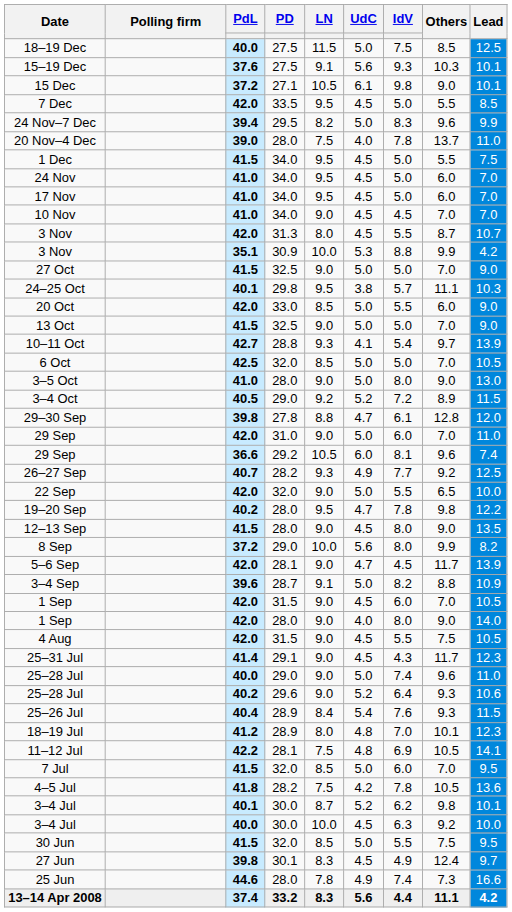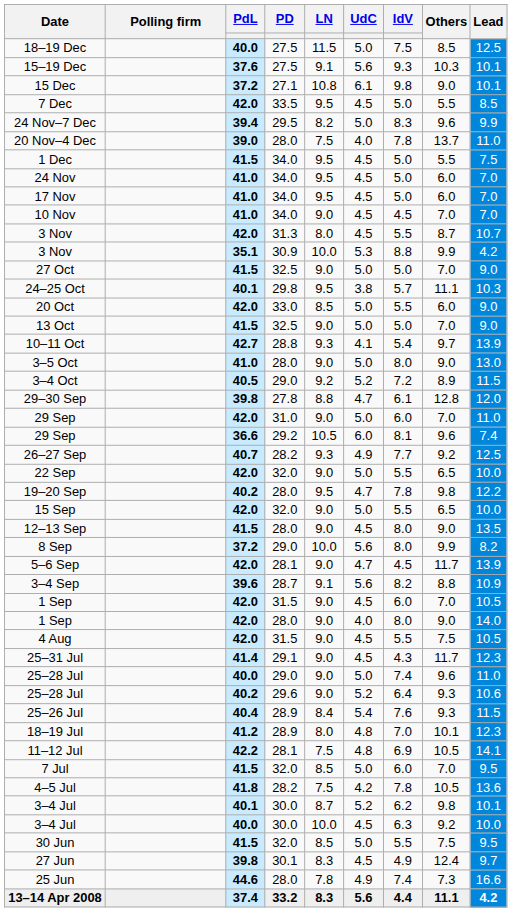 <table class="wikitable collapsible" style="text-align:center;font-size:85%;line-height:13px">
 <tr style="height:30px; background-color:#E9E9E9">
 <th rowspan="2" style="width:100px;">Date</th>
 <th rowspan="2" style="width:120px;">Polling firm</th>
 <th style="width:35px;"><a href='#'>PdL</a></th>
 <th style="width:35px;"><a href='#'>PD</a></th>
 <th style="width:35px;"><a href='#'>LN</a></th>
 <th style="width:35px;"><a href='#'>UdC</a></th>
 <th style="width:35px;"><a href='#'>IdV</a></th>
 <th rowspan="2" style="width:20px;">Others</th>
 <th rowspan="2" style="width:20px;">Lead</th>
 </tr>
 <tr>
 <th style="background:"></th>
 <th style="background:"></th>
 <th style="background:"></th>
 <th style="background:"></th>
 <th style="background:"></th>
 </tr>
 <tr>
 <td>18–19 Dec</td>
 <td></td>
 <td style="background:#C8EBFF"><strong>40.0</strong></td>
 <td>27.5</td>
 <td>11.5</td>
 <td>5.0</td>
 <td>7.5</td>
 <td>8.5</td>
 <td style="background:#0087DC; color:white;">12.5</td>
 </tr>
 <tr>
 <td>15–19 Dec</td>
 <td></td>
 <td style="background:#C8EBFF"><strong>37.6</strong></td>
 <td>27.5</td>
 <td>9.1</td>
 <td>5.6</td>
 <td>9.3</td>
 <td>10.3</td>
 <td style="background:#0087DC; color:white;">10.1</td>
 </tr>
 <tr>
 <td>15 Dec</td>
 <td></td>
 <td style="background:#C8EBFF"><strong>37.2</strong></td>
 <td>27.1</td>
-<td>10.5</td>
+<td>10.8</td>
 <td>6.1</td>
 <td>9.8</td>
 <td>9.0</td>
 <td style="background:#0087DC; color:white;">10.1</td>
 </tr>
 <tr>
 <td>7 Dec</td>
 <td></td>
 <td style="background:#C8EBFF"><strong>42.0</strong></td>
 <td>33.5</td>
 <td>9.5</td>
 <td>4.5</td>
 <td>5.0</td>
 <td>5.5</td>
 <td style="background:#0087DC; color:white;">8.5</td>
 </tr>
 <tr>
 <td>24 Nov–7 Dec</td>
 <td></td>
 <td style="background:#C8EBFF"><strong>39.4</strong></td>
 <td>29.5</td>
 <td>8.2</td>
 <td>5.0</td>
 <td>8.3</td>
 <td>9.6</td>
 <td style="background:#0087DC; color:white;">9.9</td>
 </tr>
 <tr>
 <td>20 Nov–4 Dec</td>
 <td></td>
 <td style="background:#C8EBFF"><strong>39.0</strong></td>
 <td>28.0</td>
 <td>7.5</td>
 <td>4.0</td>
 <td>7.8</td>
 <td>13.7</td>
 <td style="background:#0087DC; color:white;">11.0</td>
 </tr>
 <tr>
 <td>1 Dec</td>
 <td></td>
 <td style="background:#C8EBFF"><strong>41.5</strong></td>
 <td>34.0</td>
 <td>9.5</td>
 <td>4.5</td>
 <td>5.0</td>
 <td>5.5</td>
 <td style="background:#0087DC; color:white;">7.5</td>
 </tr>
 <tr>
 <td>24 Nov</td>
 <td></td>
 <td style="background:#C8EBFF"><strong>41.0</strong></td>
 <td>34.0</td>
 <td>9.5</td>
 <td>4.5</td>
 <td>5.0</td>
 <td>6.0</td>
 <td style="background:#0087DC; color:white;">7.0</td>
 </tr>
 <tr>
 <td>17 Nov</td>
 <td></td>
 <td style="background:#C8EBFF"><strong>41.0</strong></td>
 <td>34.0</td>
 <td>9.5</td>
 <td>4.5</td>
 <td>5.0</td>
 <td>6.0</td>
 <td style="background:#0087DC; color:white;">7.0</td>
 </tr>
 <tr>
 <td>10 Nov</td>
 <td></td>
 <td style="background:#C8EBFF"><strong>41.0</strong></td>
 <td>34.0</td>
 <td>9.0</td>
 <td>4.5</td>
 <td>4.5</td>
 <td>7.0</td>
 <td style="background:#0087DC; color:white;">7.0</td>
 </tr>
 <tr>
 <td>3 Nov</td>
 <td></td>
 <td style="background:#C8EBFF"><strong>42.0</strong></td>
 <td>31.3</td>
 <td>8.0</td>
 <td>4.5</td>
 <td>5.5</td>
 <td>8.7</td>
 <td style="background:#0087DC; color:white;">10.7</td>
 </tr>
 <tr>
 <td>3 Nov</td>
 <td></td>
 <td style="background:#C8EBFF"><strong>35.1</strong></td>
 <td>30.9</td>
 <td>10.0</td>
 <td>5.3</td>
 <td>8.8</td>
 <td>9.9</td>
 <td style="background:#0087DC; color:white;">4.2</td>
 </tr>
 <tr>
 <td>27 Oct</td>
 <td></td>
 <td style="background:#C8EBFF"><strong>41.5</strong></td>
 <td>32.5</td>
 <td>9.0</td>
 <td>5.0</td>
 <td>5.0</td>
 <td>7.0</td>
 <td style="background:#0087DC; color:white;">9.0</td>
 </tr>
 <tr>
 <td>24–25 Oct</td>
 <td></td>
 <td style="background:#C8EBFF"><strong>40.1</strong></td>
 <td>29.8</td>
 <td>9.5</td>
 <td>3.8</td>
 <td>5.7</td>
 <td>11.1</td>
 <td style="background:#0087DC; color:white;">10.3</td>
 </tr>
 <tr>
 <td>20 Oct</td>
 <td></td>
 <td style="background:#C8EBFF"><strong>42.0</strong></td>
 <td>33.0</td>
 <td>8.5</td>
 <td>5.0</td>
 <td>5.5</td>
 <td>6.0</td>
 <td style="background:#0087DC; color:white;">9.0</td>
 </tr>
 <tr>
 <td>13 Oct</td>
 <td></td>
 <td style="background:#C8EBFF"><strong>41.5</strong></td>
 <td>32.5</td>
 <td>9.0</td>
 <td>5.0</td>
 <td>5.0</td>
 <td>7.0</td>
 <td style="background:#0087DC; color:white;">9.0</td>
 </tr>
 <tr>
 <td>10–11 Oct</td>
 <td></td>
 <td style="background:#C8EBFF"><strong>42.7</strong></td>
 <td>28.8</td>
 <td>9.3</td>
 <td>4.1</td>
 <td>5.4</td>
 <td>9.7</td>
 <td style="background:#0087DC; color:white;">13.9</td>
 </tr>
 <tr>
-<td>6 Oct</td>
-<td></td>
-<td style="background:#C8EBFF"><strong>42.5</strong></td>
-<td>32.0</td>
-<td>8.5</td>
-<td>5.0</td>
-<td>5.0</td>
-<td>7.0</td>
-<td style="background:#0087DC; color:white;">10.5</td>
-</tr>
-<tr>
 <td>3–5 Oct</td>
 <td></td>
 <td style="background:#C8EBFF"><strong>41.0</strong></td>
 <td>28.0</td>
 <td>9.0</td>
 <td>5.0</td>
 <td>8.0</td>
 <td>9.0</td>
 <td style="background:#0087DC; color:white;">13.0</td>
 </tr>
 <tr>
 <td>3–4 Oct</td>
 <td></td>
 <td style="background:#C8EBFF"><strong>40.5</strong></td>
 <td>29.0</td>
 <td>9.2</td>
 <td>5.2</td>
 <td>7.2</td>
 <td>8.9</td>
 <td style="background:#0087DC; color:white;">11.5</td>
 </tr>
 <tr>
 <td>29–30 Sep</td>
 <td></td>
 <td style="background:#C8EBFF"><strong>39.8</strong></td>
 <td>27.8</td>
 <td>8.8</td>
 <td>4.7</td>
 <td>6.1</td>
 <td>12.8</td>
 <td style="background:#0087DC; color:white;">12.0</td>
 </tr>
 <tr>
 <td>29 Sep</td>
 <td></td>
 <td style="background:#C8EBFF"><strong>42.0</strong></td>
 <td>31.0</td>
 <td>9.0</td>
 <td>5.0</td>
 <td>6.0</td>
 <td>7.0</td>
 <td style="background:#0087DC; color:white;">11.0</td>
 </tr>
 <tr>
 <td>29 Sep</td>
 <td></td>
 <td style="background:#C8EBFF"><strong>36.6</strong></td>
 <td>29.2</td>
 <td>10.5</td>
 <td>6.0</td>
 <td>8.1</td>
 <td>9.6</td>
 <td style="background:#0087DC; color:white;">7.4</td>
 </tr>
 <tr>
 <td>26–27 Sep</td>
 <td></td>
 <td style="background:#C8EBFF"><strong>40.7</strong></td>
 <td>28.2</td>
 <td>9.3</td>
 <td>4.9</td>
 <td>7.7</td>
 <td>9.2</td>
 <td style="background:#0087DC; color:white;">12.5</td>
 </tr>
 <tr>
 <td>22 Sep</td>
 <td></td>
 <td style="background:#C8EBFF"><strong>42.0</strong></td>
 <td>32.0</td>
 <td>9.0</td>
 <td>5.0</td>
 <td>5.5</td>
 <td>6.5</td>
 <td style="background:#0087DC; color:white;">10.0</td>
 </tr>
 <tr>
 <td>19–20 Sep</td>
 <td></td>
 <td style="background:#C8EBFF"><strong>40.2</strong></td>
 <td>28.0</td>
 <td>9.5</td>
 <td>4.7</td>
 <td>7.8</td>
 <td>9.8</td>
 <td style="background:#0087DC; color:white;">12.2</td>
 </tr>
 <tr>
+<td>15 Sep</td>
+<td></td>
+<td style="background:#C8EBFF"><strong>42.0</strong></td>
+<td>32.0</td>
+<td>9.0</td>
+<td>5.0</td>
+<td>5.5</td>
+<td>6.5</td>
+<td style="background:#0087DC; color:white;">10.0</td>
+</tr>
+<tr>
 <td>12–13 Sep</td>
 <td></td>
 <td style="background:#C8EBFF"><strong>41.5</strong></td>
 <td>28.0</td>
 <td>9.0</td>
 <td>4.5</td>
 <td>8.0</td>
 <td>9.0</td>
 <td style="background:#0087DC; color:white;">13.5</td>
 </tr>
 <tr>
 <td>8 Sep</td>
 <td></td>
 <td style="background:#C8EBFF"><strong>37.2</strong></td>
 <td>29.0</td>
 <td>10.0</td>
 <td>5.6</td>
 <td>8.0</td>
 <td>9.9</td>
 <td style="background:#0087DC; color:white;">8.2</td>
 </tr>
 <tr>
 <td>5–6 Sep</td>
 <td></td>
 <td style="background:#C8EBFF"><strong>42.0</strong></td>
 <td>28.1</td>
 <td>9.0</td>
 <td>4.7</td>
 <td>4.5</td>
 <td>11.7</td>
 <td style="background:#0087DC; color:white;">13.9</td>
 </tr>
 <tr>
 <td>3–4 Sep</td>
 <td></td>
 <td style="background:#C8EBFF"><strong>39.6</strong></td>
 <td>28.7</td>
 <td>9.1</td>
-<td>5.0</td>
+<td>5.6</td>
 <td>8.2</td>
 <td>8.8</td>
 <td style="background:#0087DC; color:white;">10.9</td>
 </tr>
 <tr>
 <td>1 Sep</td>
 <td></td>
 <td style="background:#C8EBFF"><strong>42.0</strong></td>
 <td>31.5</td>
 <td>9.0</td>
 <td>4.5</td>
 <td>6.0</td>
 <td>7.0</td>
 <td style="background:#0087DC; color:white;">10.5</td>
 </tr>
 <tr>
 <td>1 Sep</td>
 <td></td>
 <td style="background:#C8EBFF"><strong>42.0</strong></td>
 <td>28.0</td>
 <td>9.0</td>
 <td>4.0</td>
 <td>8.0</td>
 <td>9.0</td>
 <td style="background:#0087DC; color:white;">14.0</td>
 </tr>
 <tr>
 <td>4 Aug</td>
 <td></td>
 <td style="background:#C8EBFF"><strong>42.0</strong></td>
 <td>31.5</td>
 <td>9.0</td>
 <td>4.5</td>
 <td>5.5</td>
 <td>7.5</td>
 <td style="background:#0087DC; color:white;">10.5</td>
 </tr>
 <tr>
 <td>25–31 Jul</td>
 <td></td>
 <td style="background:#C8EBFF"><strong>41.4</strong></td>
 <td>29.1</td>
 <td>9.0</td>
 <td>4.5</td>
 <td>4.3</td>
 <td>11.7</td>
 <td style="background:#0087DC; color:white;">12.3</td>
 </tr>
 <tr>
 <td>25–28 Jul</td>
 <td></td>
 <td style="background:#C8EBFF"><strong>40.0</strong></td>
 <td>29.0</td>
 <td>9.0</td>
 <td>5.0</td>
 <td>7.4</td>
 <td>9.6</td>
 <td style="background:#0087DC; color:white;">11.0</td>
 </tr>
 <tr>
 <td>25–28 Jul</td>
 <td></td>
 <td style="background:#C8EBFF"><strong>40.2</strong></td>
 <td>29.6</td>
 <td>9.0</td>
 <td>5.2</td>
 <td>6.4</td>
 <td>9.3</td>
 <td style="background:#0087DC; color:white;">10.6</td>
 </tr>
 <tr>
 <td>25–26 Jul</td>
 <td></td>
 <td style="background:#C8EBFF"><strong>40.4</strong></td>
 <td>28.9</td>
 <td>8.4</td>
 <td>5.4</td>
 <td>7.6</td>
 <td>9.3</td>
 <td style="background:#0087DC; color:white;">11.5</td>
 </tr>
 <tr>
 <td>18–19 Jul</td>
 <td></td>
 <td style="background:#C8EBFF"><strong>41.2</strong></td>
 <td>28.9</td>
 <td>8.0</td>
 <td>4.8</td>
 <td>7.0</td>
 <td>10.1</td>
 <td style="background:#0087DC; color:white;">12.3</td>
 </tr>
 <tr>
 <td>11–12 Jul</td>
 <td></td>
 <td style="background:#C8EBFF"><strong>42.2</strong></td>
 <td>28.1</td>
 <td>7.5</td>
 <td>4.8</td>
 <td>6.9</td>
 <td>10.5</td>
 <td style="background:#0087DC; color:white;">14.1</td>
 </tr>
 <tr>
 <td>7 Jul</td>
 <td></td>
 <td style="background:#C8EBFF"><strong>41.5</strong></td>
 <td>32.0</td>
 <td>8.5</td>
 <td>5.0</td>
 <td>6.0</td>
 <td>7.0</td>
 <td style="background:#0087DC; color:white;">9.5</td>
 </tr>
 <tr>
 <td>4–5 Jul</td>
 <td></td>
 <td style="background:#C8EBFF"><strong>41.8</strong></td>
 <td>28.2</td>
 <td>7.5</td>
 <td>4.2</td>
 <td>7.8</td>
 <td>10.5</td>
 <td style="background:#0087DC; color:white;">13.6</td>
 </tr>
 <tr>
 <td>3–4 Jul</td>
 <td></td>
 <td style="background:#C8EBFF"><strong>40.1</strong></td>
 <td>30.0</td>
 <td>8.7</td>
 <td>5.2</td>
 <td>6.2</td>
 <td>9.8</td>
 <td style="background:#0087DC; color:white;">10.1</td>
 </tr>
 <tr>
 <td>3–4 Jul</td>
 <td></td>
 <td style="background:#C8EBFF"><strong>40.0</strong></td>
 <td>30.0</td>
 <td>10.0</td>
 <td>4.5</td>
 <td>6.3</td>
 <td>9.2</td>
 <td style="background:#0087DC; color:white;">10.0</td>
 </tr>
 <tr>
 <td>30 Jun</td>
 <td></td>
 <td style="background:#C8EBFF"><strong>41.5</strong></td>
 <td>32.0</td>
 <td>8.5</td>
 <td>5.0</td>
 <td>5.5</td>
 <td>7.5</td>
 <td style="background:#0087DC; color:white;">9.5</td>
 </tr>
 <tr>
 <td>27 Jun</td>
 <td></td>
 <td style="background:#C8EBFF"><strong>39.8</strong></td>
 <td>30.1</td>
 <td>8.3</td>
 <td>4.5</td>
 <td>4.9</td>
 <td>12.4</td>
 <td style="background:#0087DC; color:white;">9.7</td>
 </tr>
 <tr>
 <td>25 Jun</td>
 <td></td>
 <td style="background:#C8EBFF"><strong>44.6</strong></td>
 <td>28.0</td>
 <td>7.8</td>
 <td>4.9</td>
 <td>7.4</td>
 <td>7.3</td>
 <td style="background:#0087DC; color:white;">16.6</td>
 </tr>
 <tr style="background:#EFEFEF; font-weight:bold;">
 <td>13–14 Apr 2008</td>
 <td></td>
 <td style="background:#C8EBFF">37.4</td>
 <td>33.2</td>
 <td>8.3</td>
 <td>5.6</td>
 <td>4.4</td>
 <td>11.1</td>
 <td style="background:#0087DC; color:white;">4.2</td>
 </tr>
 </table>
